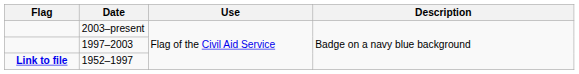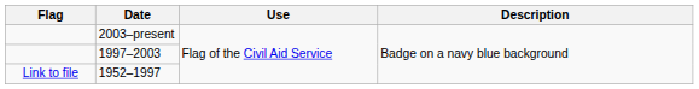 <table class="wikitable" style="background:#f9f9f9">
 <tr>
 <th width="110">Flag</th>
 <th width="100">Date</th>
 <th width="250">Use</th>
 <th width="400">Description</th>
 </tr>
 <tr>
 <td></td>
 <td>2003–present</td>
 <td rowspan="3">Flag of the <a href='#'>Civil Aid Service</a></td>
 <td rowspan="3">Badge on a navy blue background</td>
 </tr>
 <tr>
 <td></td>
 <td>1997–2003</td>
 </tr>
 <tr>
-<td style="text-align:center;"><strong><a href='#'>Link to file</a></strong></td>
+<td style="text-align:center;"><a href='#'>Link to file</a></td>
 <td>1952–1997</td>
 </tr>
 </table>
